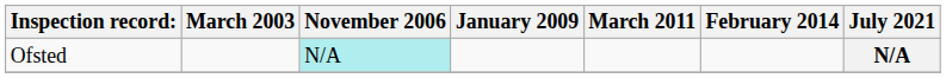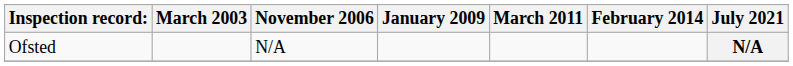 <table class="wikitable">
 <tr>
 <th>Inspection record:</th>
 <th>March 2003</th>
 <th>November 2006</th>
 <th>January 2009</th>
 <th>March 2011</th>
 <th>February 2014</th>
 <th>July 2021</th>
 </tr>
 <tr>
 <td>Ofsted</td>
 <td></td>
-<td {{ style="background: paleturquoise;">N/A</td>
+<td {{>N/A</td>
 <td></td>
 <td></td>
 <td></td>
 <th {{>N/A</th>
 </tr>
 <tr>
 </tr>
 </table>
